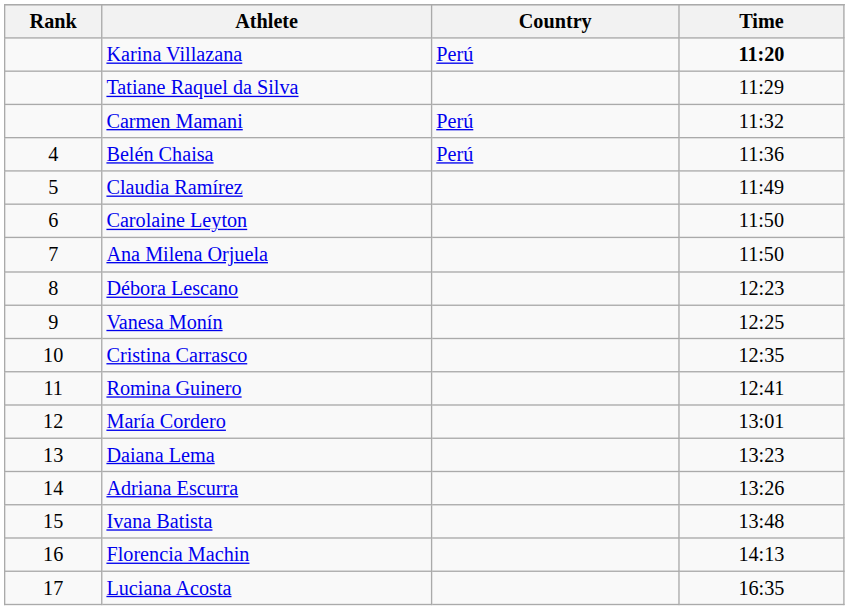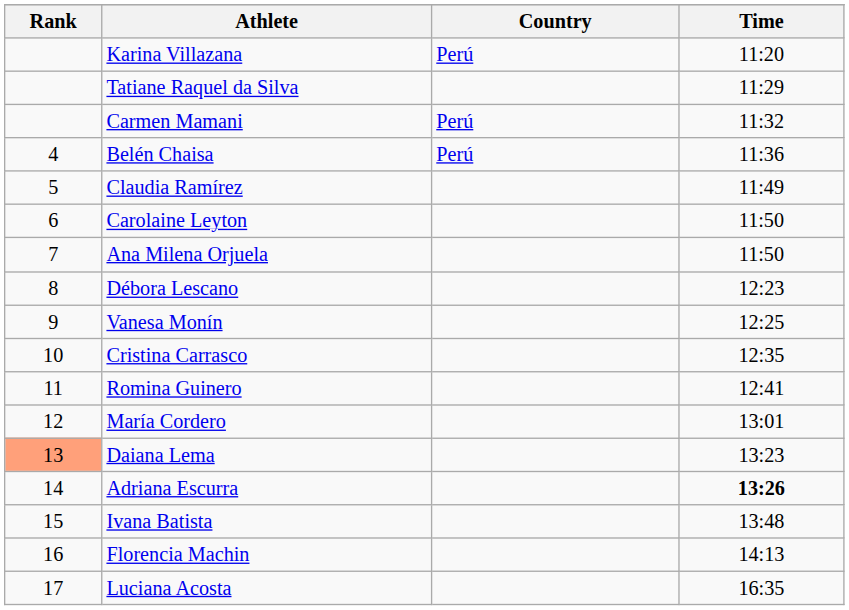 <table class="wikitable sortable" style=" text-align:center; font-size:95%;" width="50%">
 <tr>
 </tr>
 <tr>
 <th width=5%>Rank</th>
 <th width=20%>Athlete</th>
 <th width=15%>Country</th>
 <th width=10%>Time</th>
 </tr>
 <tr>
 <td align=center></td>
 <td align=left><a href='#'>Karina Villazana</a></td>
 <td align=left> <a href='#'>Perú</a></td>
-<td><strong>11:20</strong></td>
+<td>11:20</td>
 </tr>
 <tr>
 <td align=center></td>
 <td align=left><a href='#'>Tatiane Raquel da Silva</a></td>
 <td align=left></td>
 <td>11:29</td>
 </tr>
 <tr>
 <td align=center></td>
 <td align=left><a href='#'>Carmen Mamani</a></td>
 <td align=left> <a href='#'>Perú</a></td>
 <td>11:32</td>
 </tr>
 <tr>
 <td align=center>4</td>
 <td align=left><a href='#'>Belén Chaisa</a></td>
 <td align=left> <a href='#'>Perú</a></td>
 <td>11:36</td>
 </tr>
 <tr>
 <td align=center>5</td>
 <td align=left><a href='#'>Claudia Ramírez</a></td>
 <td align=left></td>
 <td>11:49</td>
 </tr>
 <tr>
 <td align=center>6</td>
 <td align=left><a href='#'>Carolaine Leyton</a></td>
 <td align=left></td>
 <td>11:50</td>
 </tr>
 <tr>
 <td align=center>7</td>
 <td align=left><a href='#'>Ana Milena Orjuela</a></td>
 <td align=left></td>
 <td>11:50</td>
 </tr>
 <tr>
 <td align=center>8</td>
 <td align=left><a href='#'>Débora Lescano</a></td>
 <td align=left></td>
 <td>12:23</td>
 </tr>
 <tr>
 <td align=center>9</td>
 <td align=left><a href='#'>Vanesa Monín</a></td>
 <td align=left></td>
 <td>12:25</td>
 </tr>
 <tr>
 <td align=center>10</td>
 <td align=left><a href='#'>Cristina Carrasco</a></td>
 <td align=left></td>
 <td>12:35</td>
 </tr>
 <tr>
 <td align=center>11</td>
 <td align=left><a href='#'>Romina Guinero</a></td>
 <td align=left></td>
 <td>12:41</td>
 </tr>
 <tr>
 <td align=center>12</td>
 <td align=left><a href='#'>María Cordero</a></td>
 <td align=left></td>
 <td>13:01</td>
 </tr>
 <tr>
-<td align=center>13</td>
+<td align=center style="background: lightsalmon;">13</td>
 <td align=left><a href='#'>Daiana Lema</a></td>
 <td align=left></td>
 <td>13:23</td>
 </tr>
 <tr>
 <td align=center>14</td>
 <td align=left><a href='#'>Adriana Escurra</a></td>
 <td align=left></td>
-<td>13:26</td>
+<td><strong>13:26</strong></td>
 </tr>
 <tr>
 <td align=center>15</td>
 <td align=left><a href='#'>Ivana Batista</a></td>
 <td align=left></td>
 <td>13:48</td>
 </tr>
 <tr>
 <td align=center>16</td>
 <td align=left><a href='#'>Florencia Machin</a></td>
 <td align=left></td>
 <td>14:13</td>
 </tr>
 <tr>
 <td align=center>17</td>
 <td align=left><a href='#'>Luciana Acosta</a></td>
 <td align=left></td>
 <td>16:35</td>
 </tr>
 </table>
